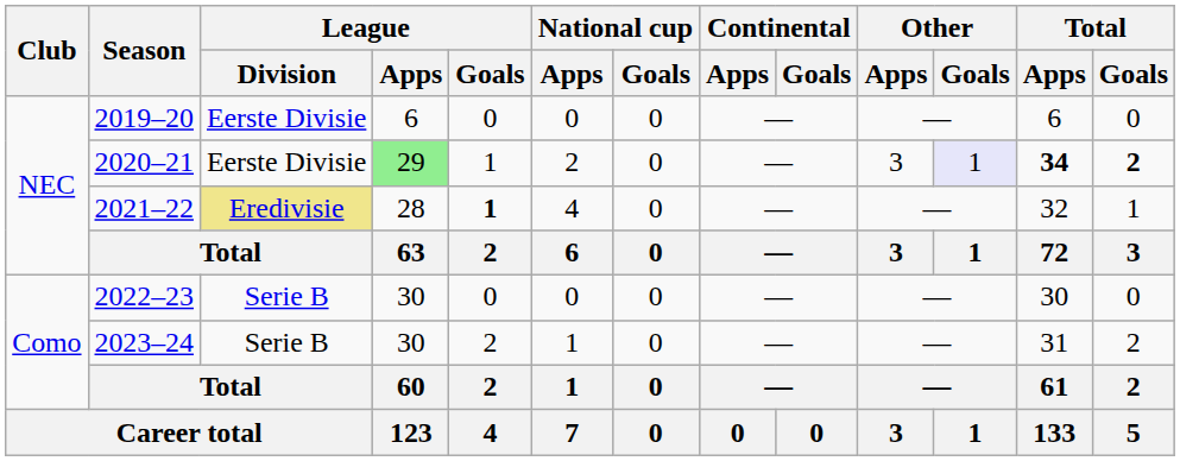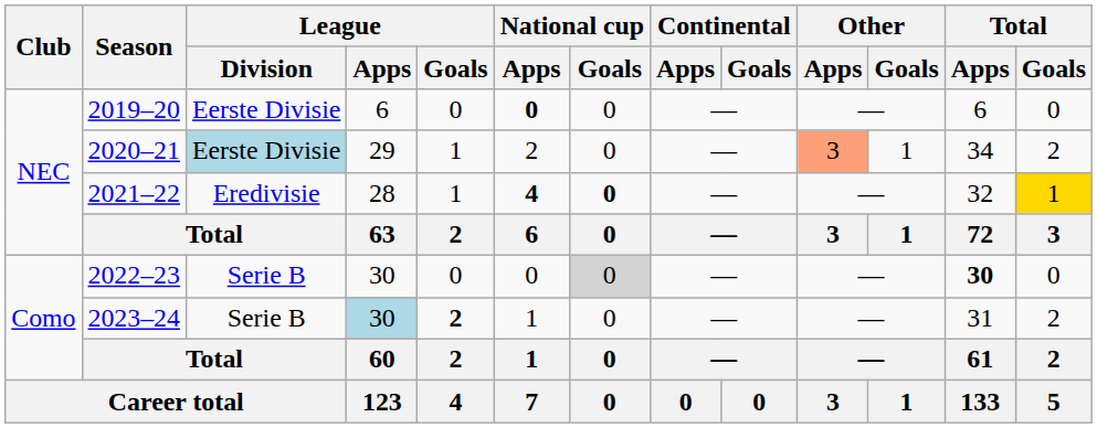 <table class="wikitable" style="text-align:center">
 <tr>
 <th rowspan="2">Club</th>
 <th rowspan="2">Season</th>
 <th colspan="3">League</th>
 <th colspan="2">National cup</th>
 <th colspan="2">Continental</th>
 <th colspan="2">Other</th>
 <th colspan="2">Total</th>
 </tr>
 <tr>
 <th>Division</th>
 <th>Apps</th>
 <th>Goals</th>
 <th>Apps</th>
 <th>Goals</th>
 <th>Apps</th>
 <th>Goals</th>
 <th>Apps</th>
 <th>Goals</th>
 <th>Apps</th>
 <th>Goals</th>
 </tr>
 <tr>
 <td rowspan="4"><a href='#'>NEC</a></td>
 <td><a href='#'>2019–20</a></td>
 <td><a href='#'>Eerste Divisie</a></td>
 <td>6</td>
 <td>0</td>
-<td>0</td>
+<td><strong>0</strong></td>
 <td>0</td>
 <td colspan="2">—</td>
 <td colspan="2">—</td>
 <td>6</td>
 <td>0</td>
 </tr>
 <tr>
 <td><a href='#'>2020–21</a></td>
-<td>Eerste Divisie</td>
-<td style="background: lightgreen;">29</td>
+<td style="background: lightblue;">Eerste Divisie</td>
+<td>29</td>
 <td>1</td>
 <td>2</td>
 <td>0</td>
 <td colspan="2">—</td>
-<td>3</td>
-<td style="background: lavender;">1</td>
-<td><strong>34</strong></td>
-<td><strong>2</strong></td>
+<td style="background: lightsalmon;">3</td>
+<td>1</td>
+<td>34</td>
+<td>2</td>
 </tr>
 <tr>
 <td><a href='#'>2021–22</a></td>
-<td style="background: khaki;"><a href='#'>Eredivisie</a></td>
+<td><a href='#'>Eredivisie</a></td>
 <td>28</td>
-<td><strong>1</strong></td>
-<td>4</td>
-<td>0</td>
+<td>1</td>
+<td><strong>4</strong></td>
+<td><strong>0</strong></td>
 <td colspan="2">—</td>
 <td colspan="2">—</td>
 <td>32</td>
-<td>1</td>
+<td style="background: gold;">1</td>
 </tr>
 <tr>
 <th colspan="2">Total</th>
 <th>63</th>
 <th>2</th>
 <th>6</th>
 <th>0</th>
 <th colspan="2">—</th>
 <th>3</th>
 <th>1</th>
 <th>72</th>
 <th>3</th>
 </tr>
 <tr>
 <td rowspan="3"><a href='#'>Como</a></td>
 <td><a href='#'>2022–23</a></td>
 <td><a href='#'>Serie B</a></td>
 <td>30</td>
 <td>0</td>
 <td>0</td>
-<td>0</td>
+<td style="background: lightgrey;">0</td>
 <td colspan="2">—</td>
 <td colspan="2">—</td>
-<td>30</td>
+<td><strong>30</strong></td>
 <td>0</td>
 </tr>
 <tr>
 <td><a href='#'>2023–24</a></td>
 <td>Serie B</td>
-<td>30</td>
-<td>2</td>
+<td style="background: lightblue;">30</td>
+<td><strong>2</strong></td>
 <td>1</td>
 <td>0</td>
 <td colspan="2">—</td>
 <td colspan="2">—</td>
 <td>31</td>
 <td>2</td>
 </tr>
 <tr>
 <th colspan="2">Total</th>
 <th>60</th>
 <th>2</th>
 <th>1</th>
 <th>0</th>
 <th colspan="2">—</th>
 <th colspan="2">—</th>
 <th>61</th>
 <th>2</th>
 </tr>
 <tr>
 <th colspan="3">Career total</th>
 <th>123</th>
 <th>4</th>
 <th>7</th>
 <th>0</th>
 <th>0</th>
 <th>0</th>
 <th>3</th>
 <th>1</th>
 <th>133</th>
 <th>5</th>
 </tr>
 </table>
